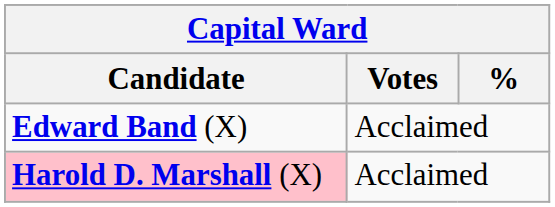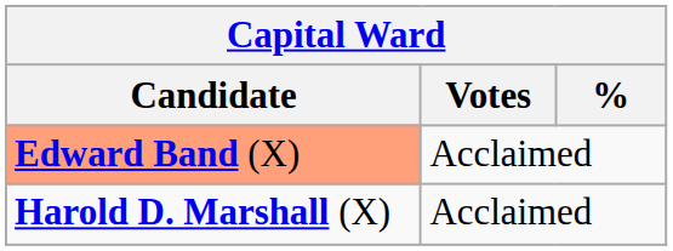 <table class="wikitable">
 <tr>
 <th colspan="3"><a href='#'>Capital Ward</a></th>
 </tr>
 <tr>
 <th style="width: 170px">Candidate</th>
 <th style="width: 50px">Votes</th>
 <th style="width: 40px">%</th>
 </tr>
 <tr>
-<td><strong><a href='#'>Edward Band</a></strong>  (X)</td>
+<td style="background: lightsalmon;"><strong><a href='#'>Edward Band</a></strong>  (X)</td>
 <td colspan="2">Acclaimed</td>
 </tr>
 <tr>
-<td style="background: pink;"><strong><a href='#'>Harold D. Marshall</a></strong> (X)</td>
+<td><strong><a href='#'>Harold D. Marshall</a></strong> (X)</td>
 <td colspan="2">Acclaimed</td>
 </tr>
 </table>
